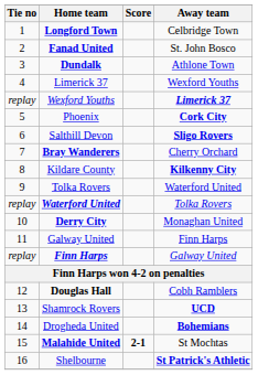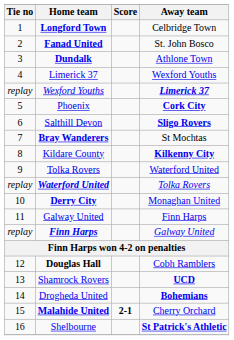 <table class="wikitable" style="text-align: center">
 <tr>
 </tr>
 <tr>
 <th>Tie no</th>
 <th>Home team</th>
 <th>Score</th>
 <th>Away team</th>
 </tr>
 <tr>
 <td>1</td>
 <td><strong><a href='#'>Longford Town</a></strong></td>
 <td></td>
 <td>Celbridge Town</td>
 </tr>
 <tr>
 <td>2</td>
 <td><strong><a href='#'>Fanad United</a></strong></td>
 <td></td>
 <td>St. John Bosco</td>
 </tr>
 <tr>
 <td>3</td>
 <td><strong><a href='#'>Dundalk</a></strong></td>
 <td></td>
 <td><a href='#'>Athlone Town</a></td>
 </tr>
 <tr>
 <td>4</td>
 <td><a href='#'>Limerick 37</a></td>
 <td></td>
 <td><a href='#'>Wexford Youths</a></td>
 </tr>
 <tr>
 <td><em>replay</em></td>
 <td><em><a href='#'>Wexford Youths</a></em></td>
 <td></td>
 <td><strong><em><a href='#'>Limerick 37</a></em></strong></td>
 </tr>
 <tr>
 <td>5</td>
 <td><a href='#'>Phoenix</a></td>
 <td></td>
 <td><strong><a href='#'>Cork City</a></strong></td>
 </tr>
 <tr>
 <td>6</td>
 <td><a href='#'>Salthill Devon</a></td>
 <td></td>
 <td><strong><a href='#'>Sligo Rovers</a></strong></td>
 </tr>
 <tr>
 <td>7</td>
 <td><strong><a href='#'>Bray Wanderers</a></strong></td>
 <td></td>
-<td><a href='#'>Cherry Orchard</a></td>
+<td>St Mochtas</td>
 </tr>
 <tr>
 <td>8</td>
 <td><a href='#'>Kildare County</a></td>
 <td></td>
 <td><strong><a href='#'>Kilkenny City</a></strong></td>
 </tr>
 <tr>
 <td>9</td>
 <td><a href='#'>Tolka Rovers</a></td>
 <td></td>
 <td><a href='#'>Waterford United</a></td>
 </tr>
 <tr>
 <td><em>replay</em></td>
 <td><strong><em><a href='#'>Waterford United</a></em></strong></td>
 <td></td>
 <td><em><a href='#'>Tolka Rovers</a></em></td>
 </tr>
 <tr>
 <td>10</td>
 <td><strong><a href='#'>Derry City</a></strong></td>
 <td></td>
 <td><a href='#'>Monaghan United</a></td>
 </tr>
 <tr>
 <td>11</td>
 <td><a href='#'>Galway United</a></td>
 <td></td>
 <td><a href='#'>Finn Harps</a></td>
 </tr>
 <tr>
 <td><em>replay</em></td>
 <td><strong><em><a href='#'>Finn Harps</a></em></strong></td>
 <td></td>
 <td><em><a href='#'>Galway United</a></em></td>
 </tr>
 <tr>
 <th colspan=4>Finn Harps won 4-2 on penalties</th>
 </tr>
 <tr>
 <td>12</td>
 <td><strong>Douglas Hall</strong></td>
 <td></td>
 <td><a href='#'>Cobh Ramblers</a></td>
 </tr>
 <tr>
 <td>13</td>
 <td><a href='#'>Shamrock Rovers</a></td>
 <td></td>
 <td><strong><a href='#'>UCD</a></strong></td>
 </tr>
 <tr>
 <td>14</td>
 <td><a href='#'>Drogheda United</a></td>
 <td></td>
 <td><strong><a href='#'>Bohemians</a></strong></td>
 </tr>
 <tr>
 <td>15</td>
 <td><strong><a href='#'>Malahide United</a></strong></td>
 <td><strong>2-1</strong></td>
-<td>St Mochtas</td>
+<td><a href='#'>Cherry Orchard</a></td>
 </tr>
 <tr>
 <td>16</td>
 <td><a href='#'>Shelbourne</a></td>
 <td></td>
 <td><strong><a href='#'>St Patrick's Athletic</a></strong></td>
 </tr>
 <tr>
 </tr>
 </table>
